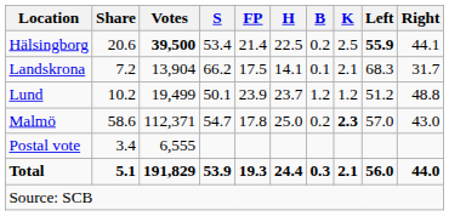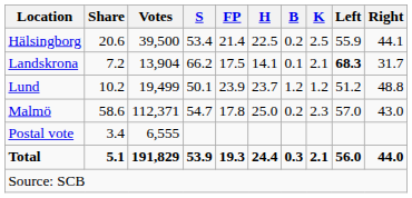 <table class="wikitable sortable" style=text-align:right>
 <tr>
 <th>Location</th>
 <th>Share</th>
 <th>Votes</th>
 <th><a href='#'>S</a></th>
 <th><a href='#'>FP</a></th>
 <th><a href='#'>H</a></th>
 <th><a href='#'>B</a></th>
 <th><a href='#'>K</a></th>
 <th>Left</th>
 <th>Right</th>
 </tr>
 <tr>
 <td align=left><a href='#'>Hälsingborg</a></td>
 <td>20.6</td>
-<td><strong>39,500</strong></td>
+<td>39,500</td>
 <td>53.4</td>
 <td>21.4</td>
 <td>22.5</td>
 <td>0.2</td>
 <td>2.5</td>
-<td><strong>55.9</strong></td>
+<td>55.9</td>
 <td>44.1</td>
 </tr>
 <tr>
 <td align=left><a href='#'>Landskrona</a></td>
 <td>7.2</td>
 <td>13,904</td>
 <td>66.2</td>
 <td>17.5</td>
 <td>14.1</td>
 <td>0.1</td>
 <td>2.1</td>
-<td>68.3</td>
+<td><strong>68.3</strong></td>
 <td>31.7</td>
 </tr>
 <tr>
 <td align=left><a href='#'>Lund</a></td>
 <td>10.2</td>
 <td>19,499</td>
 <td>50.1</td>
 <td>23.9</td>
 <td>23.7</td>
 <td>1.2</td>
 <td>1.2</td>
 <td>51.2</td>
 <td>48.8</td>
 </tr>
 <tr>
 <td align=left><a href='#'>Malmö</a></td>
 <td>58.6</td>
 <td>112,371</td>
 <td>54.7</td>
 <td>17.8</td>
 <td>25.0</td>
 <td>0.2</td>
-<td><strong>2.3</strong></td>
+<td>2.3</td>
 <td>57.0</td>
 <td>43.0</td>
 </tr>
 <tr>
 <td align=left><a href='#'>Postal vote</a></td>
 <td>3.4</td>
 <td>6,555</td>
 <td></td>
 <td></td>
 <td></td>
 <td></td>
 <td></td>
 <td></td>
 <td></td>
 </tr>
 <tr>
 <td align=left><strong>Total</strong></td>
 <td><strong>5.1</strong></td>
 <td><strong>191,829</strong></td>
 <td><strong>53.9</strong></td>
 <td><strong>19.3</strong></td>
 <td><strong>24.4</strong></td>
 <td><strong>0.3</strong></td>
 <td><strong>2.1</strong></td>
 <td><strong>56.0</strong></td>
 <td><strong>44.0</strong></td>
 </tr>
 <tr>
 <td align=left colspan=10>Source: SCB </td>
 </tr>
 </table>
